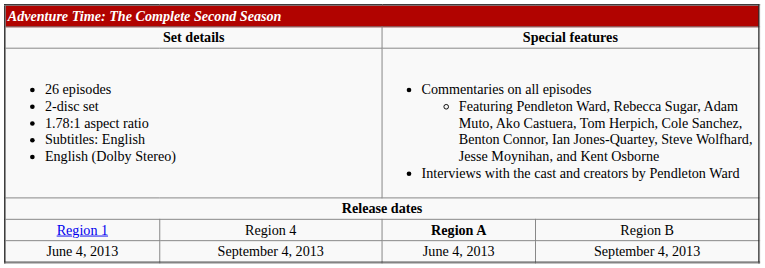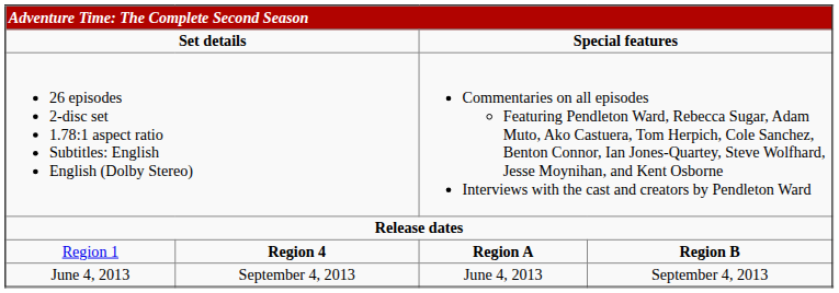 <table border="2" cellpadding="2" cellspacing="0" style="margin: 0 1em 0 0; background: #f9f9f9; border: c00 #aaa solid; border-collapse: collapse; font-size: 95%;">
 <tr style="background:#B10300; color:white;">
 <td colspan="4"><strong><em>Adventure Time: The Complete Second Season</em></strong></td>
 </tr>
 <tr valign="top">
 <td align="center" width="400" colspan="2"><strong>Set details</strong></td>
 <td align="center" width="400" colspan="2"><strong>Special features</strong></td>
 </tr>
 <tr valign="top">
 <td colspan="2" align="left" width="200"><br><ul><li>26 episodes</li><li>2-disc set</li><li>1.78:1 aspect ratio</li><li>Subtitles: English</li><li>English (Dolby Stereo)</li></ul></td>
 <td colspan="2" align="left" width="200"><br><ul><li>Commentaries on all episodes<ul><li>Featuring Pendleton Ward, Rebecca Sugar, Adam Muto, Ako Castuera, Tom Herpich, Cole Sanchez, Benton Connor, Ian Jones-Quartey, Steve Wolfhard, Jesse Moynihan, and Kent Osborne</li></ul></li><li>Interviews with the cast and creators by Pendleton Ward</li></ul></td>
 </tr>
 <tr>
 <td colspan="4" align="center"><strong>Release dates</strong></td>
 </tr>
 <tr>
 <td align="center"><a href='#'>Region 1</a></td>
-<td align="center">Region 4</td>
+<td align="center"><strong>Region 4</strong></td>
 <td align="center"><strong>Region A</strong></td>
-<td align="center">Region B</td>
+<td align="center"><strong>Region B</strong></td>
 </tr>
 <tr>
 <td align="center">June 4, 2013</td>
 <td align="center">September 4, 2013</td>
 <td align="center">June 4, 2013</td>
 <td align="center">September 4, 2013</td>
 </tr>
 </table>
